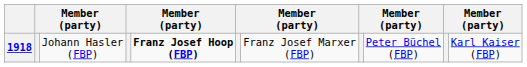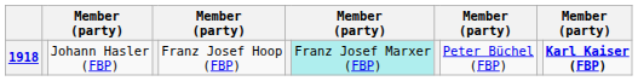 <table class="wikitable" style="text-align:center">
 <tr>
 <th></th>
 <th colspan=2>Member<br>(party)</th>
 <th colspan=2>Member<br>(party)</th>
 <th colspan=2>Member<br>(party)</th>
 <th colspan=2>Member<br>(party)</th>
 <th colspan=2>Member<br>(party)</th>
 </tr>
 <tr>
 <th><a href='#'>1918</a></th>
 <th rowspan=1 style="background-color: "></th>
 <td rowspan=1>Johann Hasler<br>(<a href='#'>FBP</a>)</td>
 <th rowspan=1 style="background-color: "></th>
-<td rowspan=1><strong>Franz Josef Hoop<br>(<a href='#'>FBP</a>)</strong></td>
+<td rowspan=1>Franz Josef Hoop<br>(<a href='#'>FBP</a>)</td>
 <th rowspan=1 style="background-color: "></th>
-<td rowspan=1>Franz Josef Marxer<br>(<a href='#'>FBP</a>)</td>
+<td rowspan=1 style="background: paleturquoise;">Franz Josef Marxer<br>(<a href='#'>FBP</a>)</td>
 <th rowspan=1 style="background-color: "></th>
 <td rowspan=1><a href='#'>Peter Büchel</a><br>(<a href='#'>FBP</a>)</td>
 <th rowspan=1 style="background-color: "></th>
-<td rowspan=1><a href='#'>Karl Kaiser</a><br>(<a href='#'>FBP</a>)</td>
+<td rowspan=1><strong><a href='#'>Karl Kaiser</a><br>(<a href='#'>FBP</a>)</strong></td>
 </tr>
 </table>
